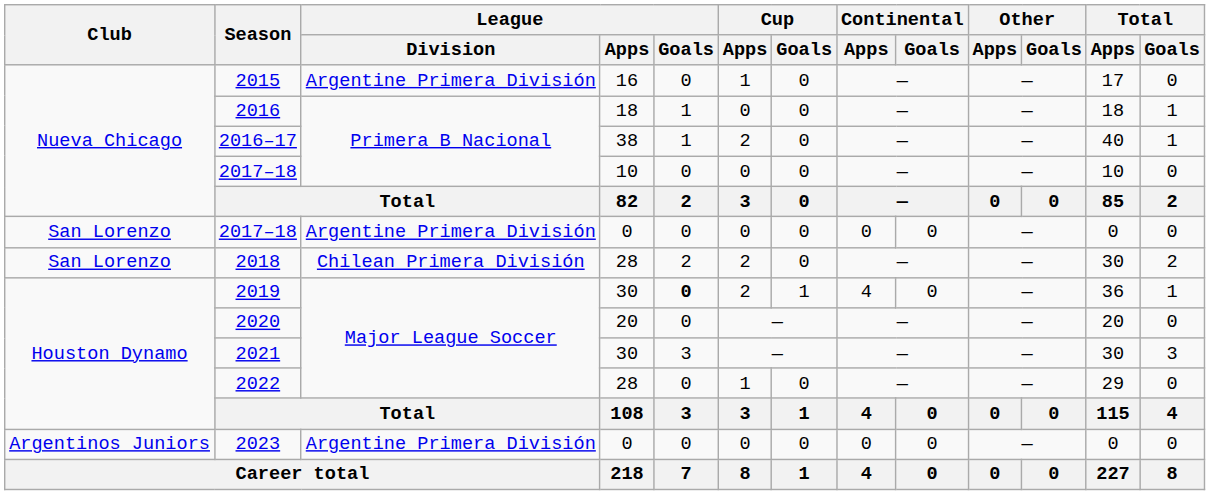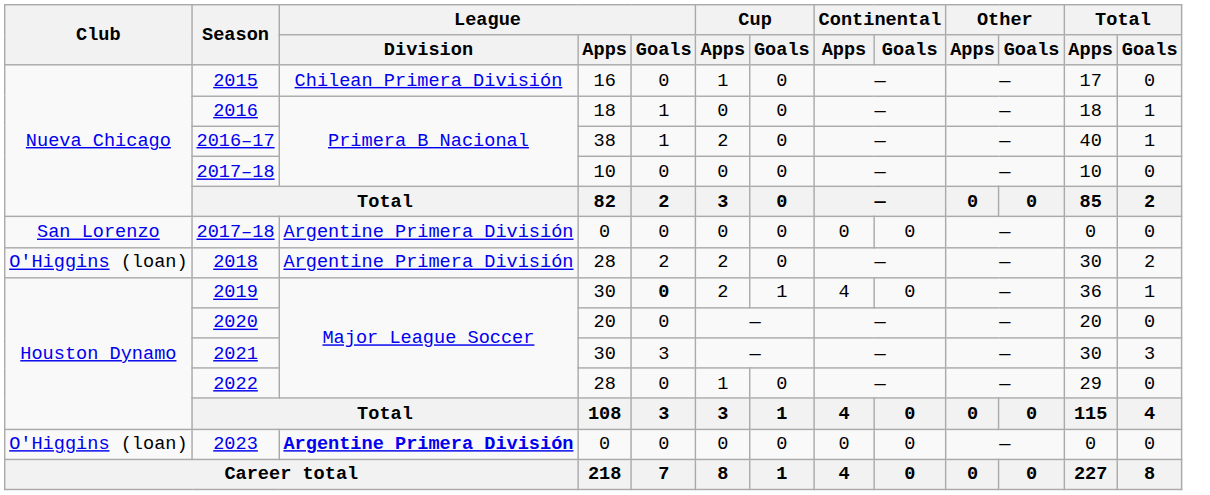 <table class="wikitable" style="text-align:center">
 <tr>
 <th rowspan="2">Club</th>
 <th rowspan="2">Season</th>
 <th colspan="3">League</th>
 <th colspan="2">Cup</th>
 <th colspan="2">Continental</th>
 <th colspan="2">Other</th>
 <th colspan="2">Total</th>
 </tr>
 <tr>
 <th>Division</th>
 <th>Apps</th>
 <th>Goals</th>
 <th>Apps</th>
 <th>Goals</th>
 <th>Apps</th>
 <th>Goals</th>
 <th>Apps</th>
 <th>Goals</th>
 <th>Apps</th>
 <th>Goals</th>
 </tr>
 <tr>
 <td rowspan="5"><a href='#'>Nueva Chicago</a></td>
 <td><a href='#'>2015</a></td>
-<td rowspan="1"><a href='#'>Argentine Primera División</a></td>
+<td rowspan="1"><a href='#'>Chilean Primera División</a></td>
 <td>16</td>
 <td>0</td>
 <td>1</td>
 <td>0</td>
 <td colspan="2">—</td>
 <td colspan="2">—</td>
 <td>17</td>
 <td>0</td>
 </tr>
 <tr>
 <td><a href='#'>2016</a></td>
 <td rowspan="3"><a href='#'>Primera B Nacional</a></td>
 <td>18</td>
 <td>1</td>
 <td>0</td>
 <td>0</td>
 <td colspan="2">—</td>
 <td colspan="2">—</td>
 <td>18</td>
 <td>1</td>
 </tr>
 <tr>
 <td><a href='#'>2016–17</a></td>
 <td>38</td>
 <td>1</td>
 <td>2</td>
 <td>0</td>
 <td colspan="2">—</td>
 <td colspan="2">—</td>
 <td>40</td>
 <td>1</td>
 </tr>
 <tr>
 <td><a href='#'>2017–18</a></td>
 <td>10</td>
 <td>0</td>
 <td>0</td>
 <td>0</td>
 <td colspan="2">—</td>
 <td colspan="2">—</td>
 <td>10</td>
 <td>0</td>
 </tr>
 <tr>
 <th colspan="2">Total</th>
 <th>82</th>
 <th>2</th>
 <th>3</th>
 <th>0</th>
 <th colspan="2">—</th>
 <th>0</th>
 <th>0</th>
 <th>85</th>
 <th>2</th>
 </tr>
 <tr>
 <td><a href='#'>San Lorenzo</a></td>
 <td><a href='#'>2017–18</a></td>
 <td><a href='#'>Argentine Primera División</a></td>
 <td>0</td>
 <td>0</td>
 <td>0</td>
 <td>0</td>
 <td>0</td>
 <td>0</td>
 <td colspan="2">—</td>
 <td>0</td>
 <td>0</td>
 </tr>
 <tr>
-<td><a href='#'>San Lorenzo</a></td>
+<td rowspan="1"><a href='#'>O'Higgins</a> (loan)</td>
 <td><a href='#'>2018</a></td>
-<td rowspan="1"><a href='#'>Chilean Primera División</a></td>
+<td><a href='#'>Argentine Primera División</a></td>
 <td>28</td>
 <td>2</td>
 <td>2</td>
 <td>0</td>
 <td colspan="2">—</td>
 <td colspan="2">—</td>
 <td>30</td>
 <td>2</td>
 </tr>
 <tr>
 <td rowspan="5"><a href='#'>Houston Dynamo</a></td>
 <td><a href='#'>2019</a></td>
 <td rowspan="4"><a href='#'>Major League Soccer</a></td>
 <td>30</td>
 <td><strong>0</strong></td>
 <td>2</td>
 <td>1</td>
 <td>4</td>
 <td>0</td>
 <td colspan="2">—</td>
 <td>36</td>
 <td>1</td>
 </tr>
 <tr>
 <td><a href='#'>2020</a></td>
 <td>20</td>
 <td>0</td>
 <td colspan="2">—</td>
 <td colspan="2">—</td>
 <td colspan="2">—</td>
 <td>20</td>
 <td>0</td>
 </tr>
 <tr>
 <td><a href='#'>2021</a></td>
 <td>30</td>
 <td>3</td>
 <td colspan="2">—</td>
 <td colspan="2">—</td>
 <td colspan="2">—</td>
 <td>30</td>
 <td>3</td>
 </tr>
 <tr>
 <td><a href='#'>2022</a></td>
 <td>28</td>
 <td>0</td>
 <td>1</td>
 <td>0</td>
 <td colspan="2">—</td>
 <td colspan="2">—</td>
 <td>29</td>
 <td>0</td>
 </tr>
 <tr>
 <th colspan="2">Total</th>
 <th>108</th>
 <th>3</th>
 <th>3</th>
 <th>1</th>
 <th>4</th>
 <th>0</th>
 <th>0</th>
 <th>0</th>
 <th>115</th>
 <th>4</th>
 </tr>
 <tr>
-<td><a href='#'>Argentinos Juniors</a></td>
+<td rowspan="1"><a href='#'>O'Higgins</a> (loan)</td>
 <td><a href='#'>2023</a></td>
-<td><a href='#'>Argentine Primera División</a></td>
+<td><strong><a href='#'>Argentine Primera División</a></strong></td>
 <td>0</td>
 <td>0</td>
 <td>0</td>
 <td>0</td>
 <td>0</td>
 <td>0</td>
 <td colspan="2">—</td>
 <td>0</td>
 <td>0</td>
 </tr>
 <tr>
 <th colspan="3">Career total</th>
 <th>218</th>
 <th>7</th>
 <th>8</th>
 <th>1</th>
 <th>4</th>
 <th>0</th>
 <th>0</th>
 <th>0</th>
 <th>227</th>
 <th>8</th>
 </tr>
 </table>
